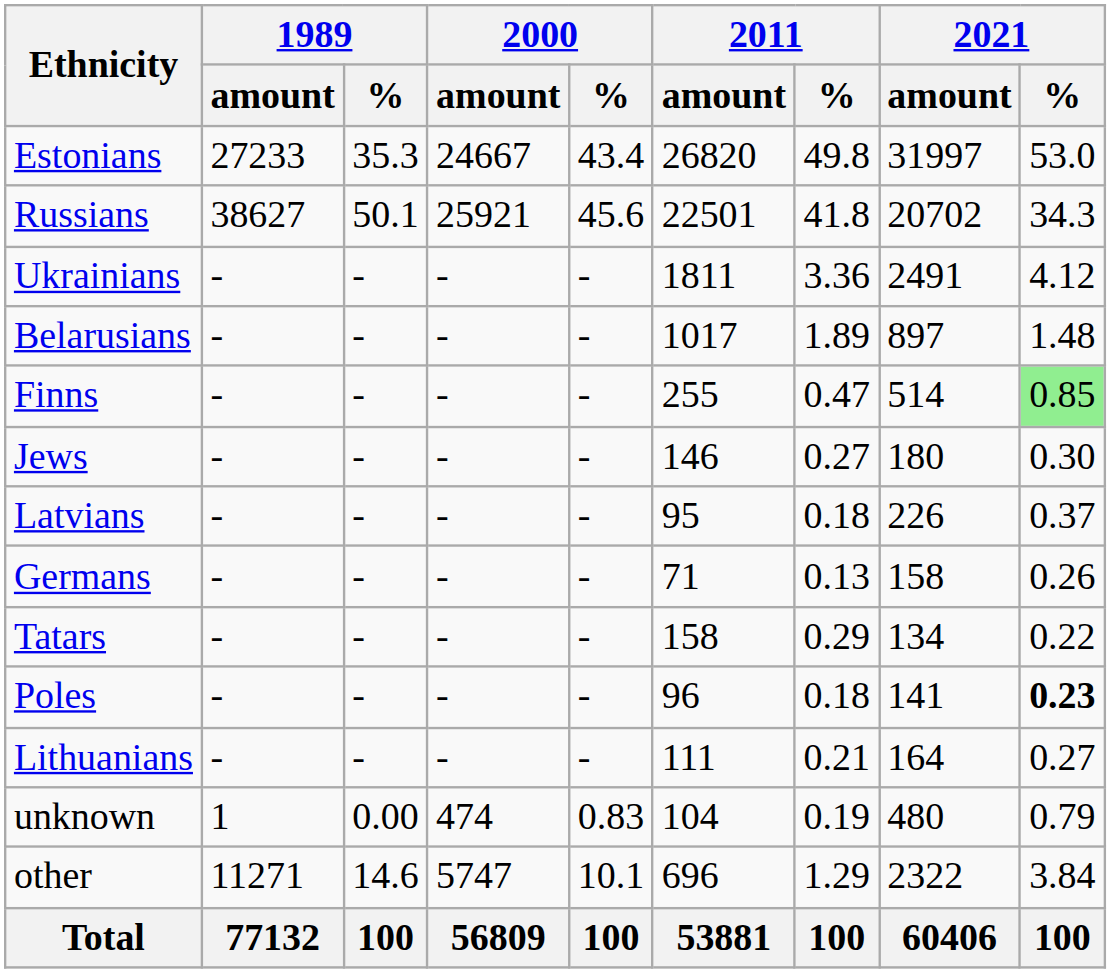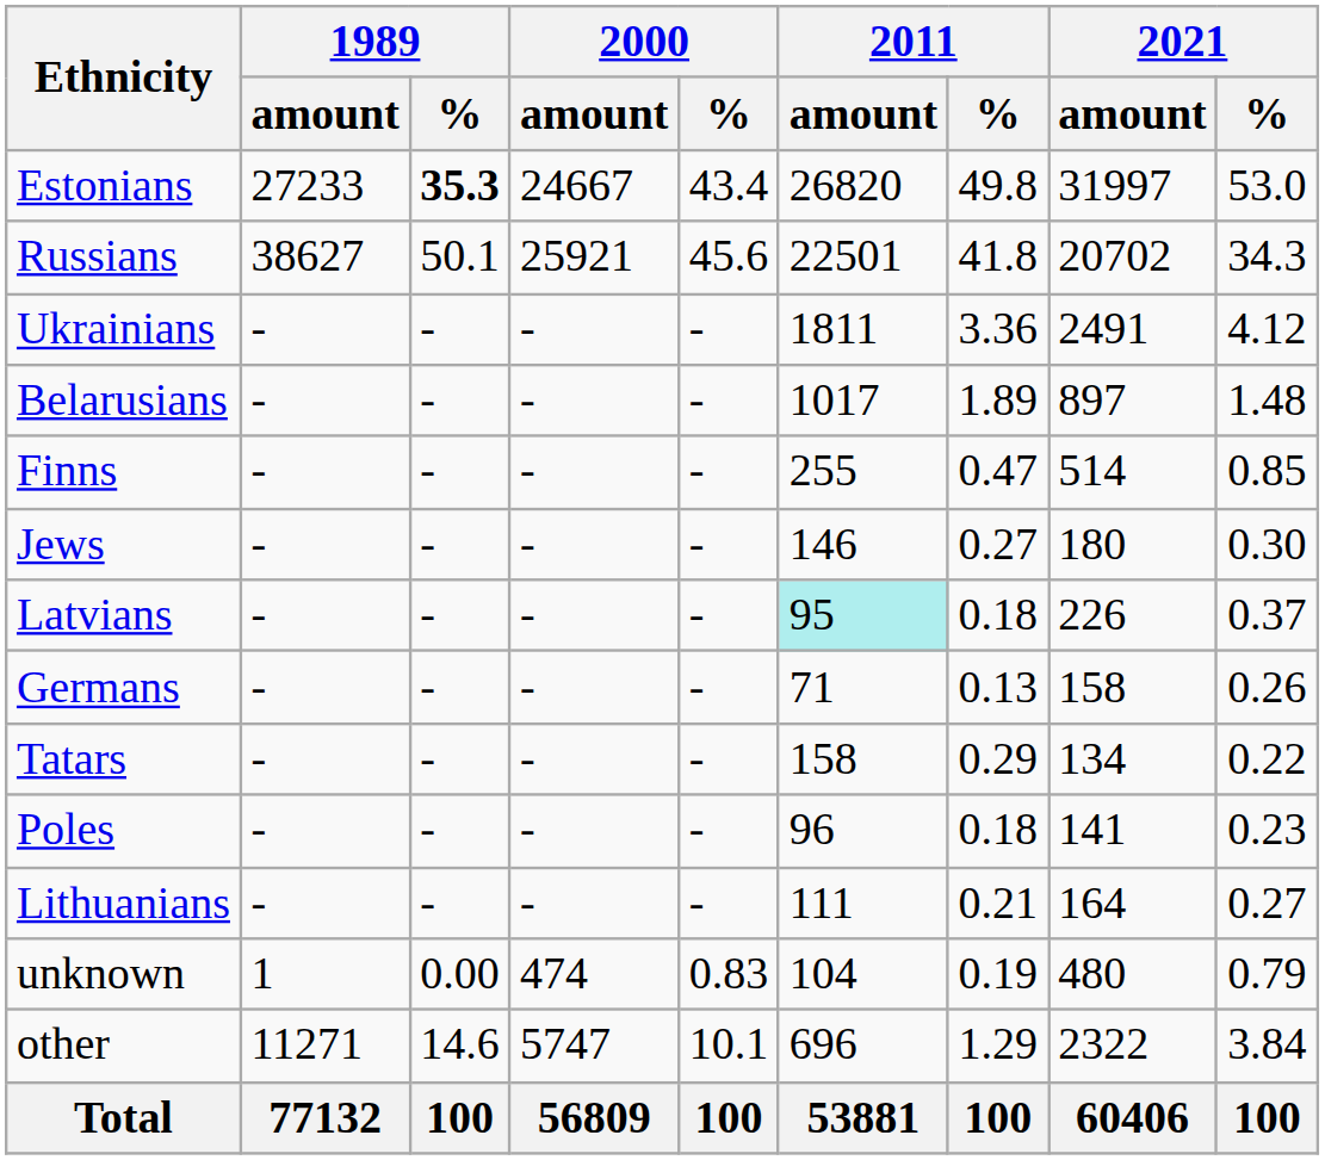 <table class="wikitable sortable mw-collapsible">
 <tr>
 <th rowspan="2">Ethnicity</th>
 <th colspan="2"><a href='#'>1989</a></th>
 <th colspan="2"><a href='#'>2000</a></th>
 <th colspan="2"><a href='#'>2011</a></th>
 <th colspan="2"><a href='#'>2021</a></th>
 </tr>
 <tr>
 <th>amount</th>
 <th>%</th>
 <th>amount</th>
 <th>%</th>
 <th>amount</th>
 <th>%</th>
 <th>amount</th>
 <th>%</th>
 </tr>
 <tr>
 <td><a href='#'>Estonians</a></td>
 <td>27233</td>
-<td>35.3</td>
+<td><strong>35.3</strong></td>
 <td>24667</td>
 <td>43.4</td>
 <td>26820</td>
 <td>49.8</td>
 <td>31997</td>
 <td>53.0</td>
 </tr>
 <tr>
 <td><a href='#'>Russians</a></td>
 <td>38627</td>
 <td>50.1</td>
 <td>25921</td>
 <td>45.6</td>
 <td>22501</td>
 <td>41.8</td>
 <td>20702</td>
 <td>34.3</td>
 </tr>
 <tr>
 <td><a href='#'>Ukrainians</a></td>
 <td>-</td>
 <td>-</td>
 <td>-</td>
 <td>-</td>
 <td>1811</td>
 <td>3.36</td>
 <td>2491</td>
 <td>4.12</td>
 </tr>
 <tr>
 <td><a href='#'>Belarusians</a></td>
 <td>-</td>
 <td>-</td>
 <td>-</td>
 <td>-</td>
 <td>1017</td>
 <td>1.89</td>
 <td>897</td>
 <td>1.48</td>
 </tr>
 <tr>
 <td><a href='#'>Finns</a></td>
 <td>-</td>
 <td>-</td>
 <td>-</td>
 <td>-</td>
 <td>255</td>
 <td>0.47</td>
 <td>514</td>
-<td style="background: lightgreen;">0.85</td>
+<td>0.85</td>
 </tr>
 <tr>
 <td><a href='#'>Jews</a></td>
 <td>-</td>
 <td>-</td>
 <td>-</td>
 <td>-</td>
 <td>146</td>
 <td>0.27</td>
 <td>180</td>
 <td>0.30</td>
 </tr>
 <tr>
 <td><a href='#'>Latvians</a></td>
 <td>-</td>
 <td>-</td>
 <td>-</td>
 <td>-</td>
-<td>95</td>
+<td style="background: paleturquoise;">95</td>
 <td>0.18</td>
 <td>226</td>
 <td>0.37</td>
 </tr>
 <tr>
 <td><a href='#'>Germans</a></td>
 <td>-</td>
 <td>-</td>
 <td>-</td>
 <td>-</td>
 <td>71</td>
 <td>0.13</td>
 <td>158</td>
 <td>0.26</td>
 </tr>
 <tr>
 <td><a href='#'>Tatars</a></td>
 <td>-</td>
 <td>-</td>
 <td>-</td>
 <td>-</td>
 <td>158</td>
 <td>0.29</td>
 <td>134</td>
 <td>0.22</td>
 </tr>
 <tr>
 <td><a href='#'>Poles</a></td>
 <td>-</td>
 <td>-</td>
 <td>-</td>
 <td>-</td>
 <td>96</td>
 <td>0.18</td>
 <td>141</td>
-<td><strong>0.23</strong></td>
+<td>0.23</td>
 </tr>
 <tr>
 <td><a href='#'>Lithuanians</a></td>
 <td>-</td>
 <td>-</td>
 <td>-</td>
 <td>-</td>
 <td>111</td>
 <td>0.21</td>
 <td>164</td>
 <td>0.27</td>
 </tr>
 <tr>
 <td>unknown</td>
 <td>1</td>
 <td>0.00</td>
 <td>474</td>
 <td>0.83</td>
 <td>104</td>
 <td>0.19</td>
 <td>480</td>
 <td>0.79</td>
 </tr>
 <tr>
 <td>other</td>
 <td>11271</td>
 <td>14.6</td>
 <td>5747</td>
 <td>10.1</td>
 <td>696</td>
 <td>1.29</td>
 <td>2322</td>
 <td>3.84</td>
 </tr>
 <tr>
 <th>Total</th>
 <th>77132</th>
 <th>100</th>
 <th>56809</th>
 <th>100</th>
 <th>53881</th>
 <th>100</th>
 <th>60406</th>
 <th>100</th>
 </tr>
 </table>
